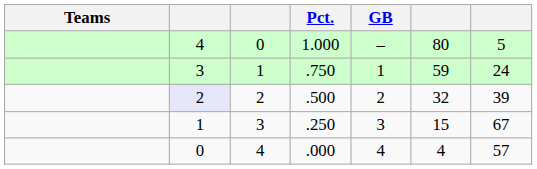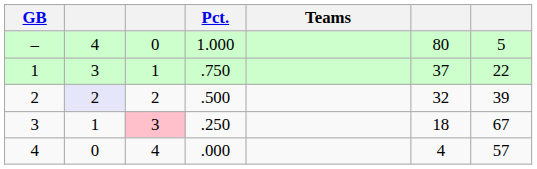 <table class="wikitable" style="text-align:center;">
 <tr>
-<th width=150px>Teams</th>
+<th width=50px><a href='#'>GB</a></th>
 <th width=50px></th>
 <th width=50px></th>
 <th width=50px><a href='#'>Pct.</a></th>
-<th width=50px><a href='#'>GB</a></th>
+<th width=150px>Teams</th>
 <th width=50px></th>
 <th width=50px></th>
 </tr>
 <tr style="background-color:#cfc">
-<td align=left></td>
+<td>–</td>
 <td>4</td>
 <td>0</td>
 <td>1.000</td>
-<td>–</td>
+<td align=left></td>
 <td>80</td>
 <td>5</td>
 </tr>
 <tr style="background-color:#cfc">
-<td align=left></td>
+<td>1</td>
 <td>3</td>
 <td>1</td>
 <td>.750</td>
-<td>1</td>
-<td>59</td>
-<td>24</td>
+<td align=left></td>
+<td>37</td>
+<td>22</td>
 </tr>
 <tr>
-<td align=left></td>
+<td>2</td>
 <td style="background: lavender;">2</td>
 <td>2</td>
 <td>.500</td>
-<td>2</td>
+<td align=left></td>
 <td>32</td>
 <td>39</td>
 </tr>
 <tr>
+<td>3</td>
+<td>1</td>
+<td style="background: pink;">3</td>
+<td>.250</td>
 <td align=left></td>
-<td>1</td>
-<td>3</td>
-<td>.250</td>
-<td>3</td>
-<td>15</td>
+<td>18</td>
 <td>67</td>
 </tr>
 <tr>
-<td align=left></td>
+<td>4</td>
 <td>0</td>
 <td>4</td>
 <td>.000</td>
-<td>4</td>
+<td align=left></td>
 <td>4</td>
 <td>57</td>
 </tr>
 </table>
